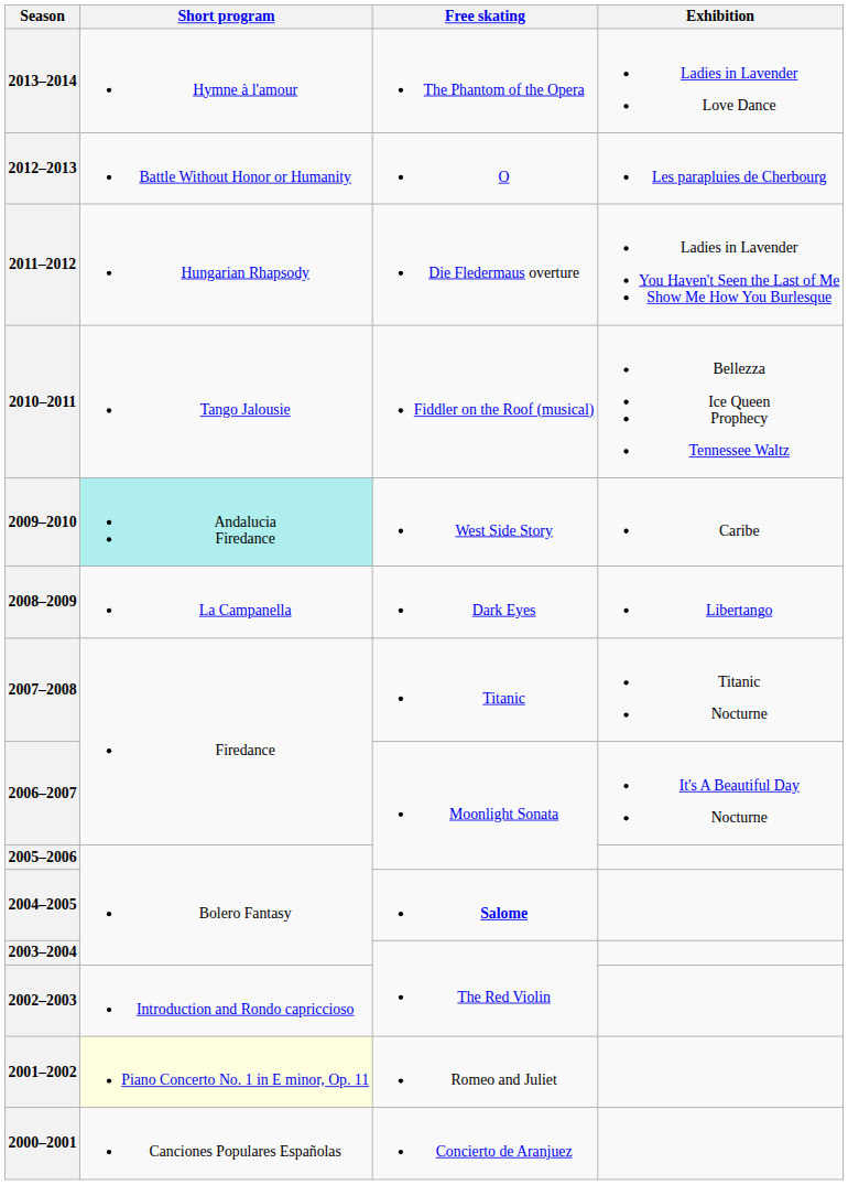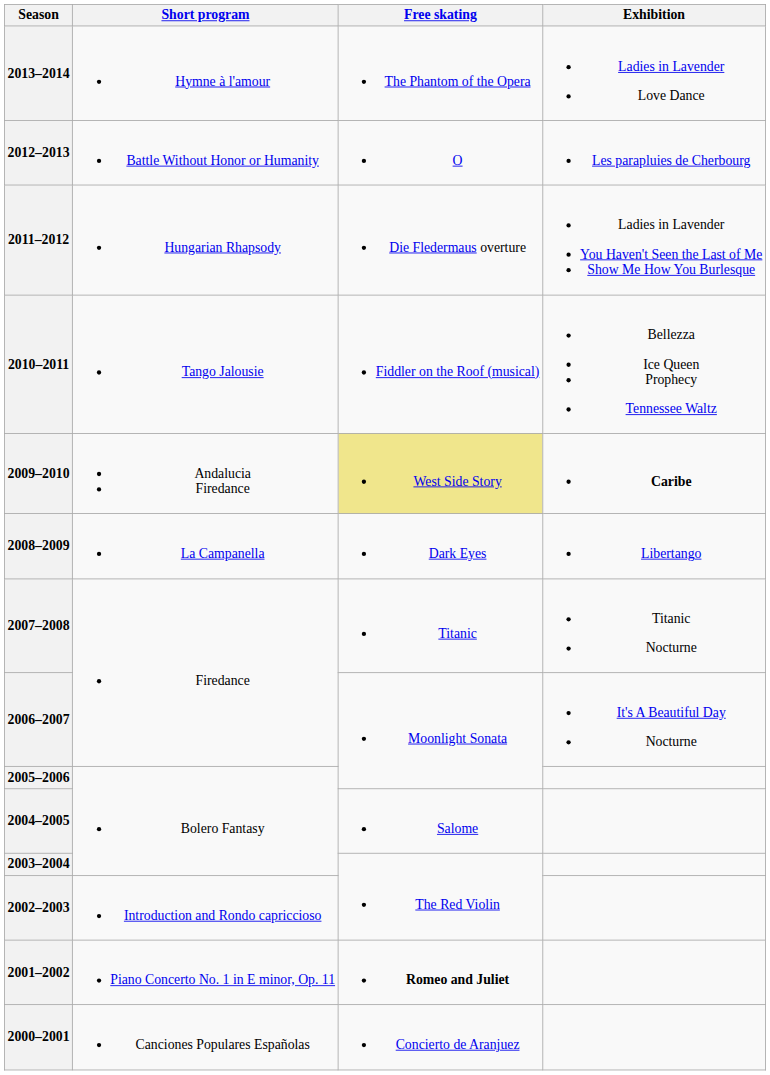 <table class="wikitable" style="text-align:center">
 <tr>
 <th>Season</th>
 <th><a href='#'>Short program</a></th>
 <th><a href='#'>Free skating</a></th>
 <th>Exhibition</th>
 </tr>
 <tr>
 <th>2013–2014 <br> </th>
 <td><br><ul><li><a href='#'>Hymne à l'amour</a> <br></li></ul></td>
 <td><br><ul><li><a href='#'>The Phantom of the Opera</a> <br></li></ul></td>
 <td><br><ul><li><a href='#'>Ladies in Lavender</a> <br></li></ul><ul><li>Love Dance <br></li></ul></td>
 </tr>
 <tr>
 <th>2012–2013 <br> </th>
 <td><br><ul><li><a href='#'>Battle Without Honor or Humanity</a> <br></li></ul></td>
 <td><br><ul><li><a href='#'>O</a> <br></li></ul></td>
 <td><br><ul><li><a href='#'>Les parapluies de Cherbourg</a> <br></li></ul></td>
 </tr>
 <tr>
 <th>2011–2012 <br> </th>
 <td><br><ul><li><a href='#'>Hungarian Rhapsody</a> <br></li></ul></td>
 <td><br><ul><li><a href='#'>Die Fledermaus</a> overture <br></li></ul></td>
 <td><br><ul><li>Ladies in Lavender <br></li></ul><ul><li><a href='#'>You Haven't Seen the Last of Me</a> <br></li><li><a href='#'>Show Me How You Burlesque</a> <br></li></ul></td>
 </tr>
 <tr>
 <th>2010–2011 <br> </th>
 <td><br><ul><li><a href='#'>Tango Jalousie</a> <br></li></ul></td>
 <td><br><ul><li><a href='#'>Fiddler on the Roof (musical)</a> <br></li></ul></td>
 <td><br><ul><li>Bellezza <br></li></ul><ul><li>Ice Queen <br></li><li>Prophecy <br></li></ul><ul><li><a href='#'>Tennessee Waltz</a> <br></li></ul></td>
 </tr>
 <tr>
 <th>2009–2010 <br> </th>
-<td style="background: paleturquoise;"><br><ul><li>Andalucia <br></li><li>Firedance <br></li></ul></td>
-<td><br><ul><li><a href='#'>West Side Story</a> <br></li></ul></td>
-<td><br><ul><li>Caribe <br></li></ul></td>
+<td><br><ul><li>Andalucia <br></li><li>Firedance <br></li></ul></td>
+<td style="background: khaki;"><br><ul><li><a href='#'>West Side Story</a> <br></li></ul></td>
+<td><strong><br><ul><li>Caribe <br></li></ul></strong></td>
 </tr>
 <tr>
 <th>2008–2009 <br> </th>
 <td><br><ul><li><a href='#'>La Campanella</a> <br></li></ul></td>
 <td><br><ul><li><a href='#'>Dark Eyes</a> <br></li></ul></td>
 <td><br><ul><li><a href='#'>Libertango</a> <br></li></ul></td>
 </tr>
 <tr>
 <th>2007–2008</th>
 <td rowspan=2><br><ul><li>Firedance <br></li></ul></td>
 <td><br><ul><li><a href='#'>Titanic</a> <br></li></ul></td>
 <td><br><ul><li>Titanic <br></li></ul><ul><li>Nocturne <br></li></ul></td>
 </tr>
 <tr>
 <th>2006–2007</th>
 <td rowspan=2><br><ul><li><a href='#'>Moonlight Sonata</a> <br></li></ul></td>
 <td><br><ul><li><a href='#'>It's A Beautiful Day</a> <br></li></ul><ul><li>Nocturne <br></li></ul></td>
 </tr>
 <tr>
 <th>2005–2006</th>
 <td rowspan=3><br><ul><li>Bolero Fantasy <br></li></ul></td>
 <td></td>
 </tr>
 <tr>
 <th>2004–2005</th>
-<td><strong><br><ul><li><a href='#'>Salome</a> <br></li></ul></strong></td>
+<td><br><ul><li><a href='#'>Salome</a> <br></li></ul></td>
 <td></td>
 </tr>
 <tr>
 <th>2003–2004</th>
 <td rowspan=2><br><ul><li><a href='#'>The Red Violin</a> <br></li></ul></td>
 <td></td>
 </tr>
 <tr>
 <th>2002–2003</th>
 <td><br><ul><li><a href='#'>Introduction and Rondo capriccioso</a> <br></li></ul></td>
 <td></td>
 </tr>
 <tr>
 <th>2001–2002 <br> </th>
-<td style="background: lightyellow;"><br><ul><li><a href='#'>Piano Concerto No. 1 in E minor, Op. 11</a> <br> </li></ul></td>
-<td><br><ul><li>Romeo and Juliet <br></li></ul></td>
+<td><br><ul><li><a href='#'>Piano Concerto No. 1 in E minor, Op. 11</a> <br> </li></ul></td>
+<td><strong><br><ul><li>Romeo and Juliet <br></li></ul></strong></td>
 <td></td>
 </tr>
 <tr>
 <th>2000–2001</th>
 <td><br><ul><li>Canciones Populares Españolas <br></li></ul></td>
 <td><br><ul><li><a href='#'>Concierto de Aranjuez</a> <br></li></ul></td>
 <td></td>
 </tr>
 </table>
